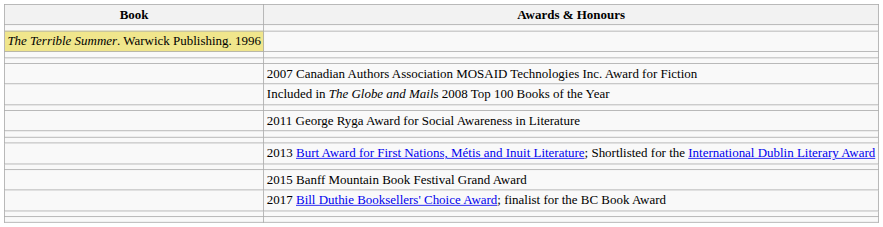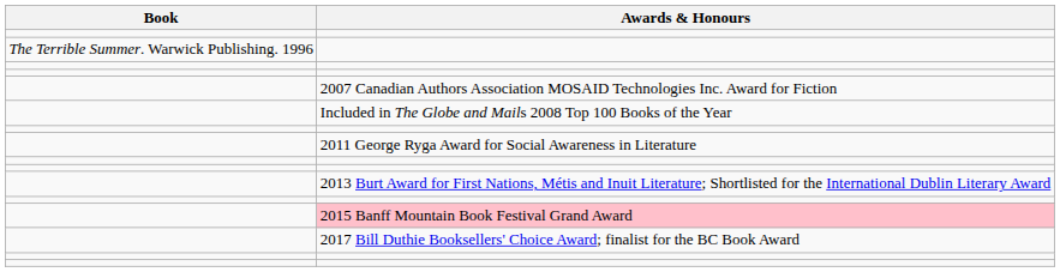 <table class="wikitable">
 <tr>
 <th>Book</th>
 <th>Awards & Honours</th>
 </tr>
 <tr>
 <td></td>
 <td></td>
 </tr>
 <tr>
-<td style="background: khaki;"><em>The Terrible Summer</em>. Warwick Publishing. 1996 </td>
+<td><em>The Terrible Summer</em>. Warwick Publishing. 1996 </td>
 <td></td>
 </tr>
 <tr>
 <td></td>
 <td></td>
 </tr>
 <tr>
 <td></td>
 <td></td>
 </tr>
 <tr>
 <td></td>
 <td>2007 Canadian Authors Association MOSAID Technologies Inc. Award for Fiction</td>
 </tr>
 <tr>
 <td></td>
 <td>Included in <em>The Globe and Mail</em>s 2008 Top 100 Books of the Year</td>
 </tr>
 <tr>
 <td></td>
 <td></td>
 </tr>
 <tr>
 <td></td>
 <td>2011 George Ryga Award for Social Awareness in Literature</td>
 </tr>
 <tr>
 <td></td>
 <td></td>
 </tr>
 <tr>
 <td></td>
 <td></td>
 </tr>
 <tr>
 <td></td>
 <td>2013 <a href='#'>Burt Award for First Nations, Métis and Inuit Literature</a>; Shortlisted for the <a href='#'>International Dublin Literary Award</a></td>
 </tr>
 <tr>
 <td></td>
 <td></td>
 </tr>
 <tr>
 <td></td>
-<td>2015 Banff Mountain Book Festival Grand Award</td>
+<td style="background: pink;">2015 Banff Mountain Book Festival Grand Award</td>
 </tr>
 <tr>
 <td></td>
 <td>2017 <a href='#'>Bill Duthie Booksellers' Choice Award</a>; finalist for the BC Book Award</td>
 </tr>
 <tr>
 <td></td>
 <td></td>
 </tr>
 <tr>
 <td></td>
 <td></td>
 </tr>
 </table>
